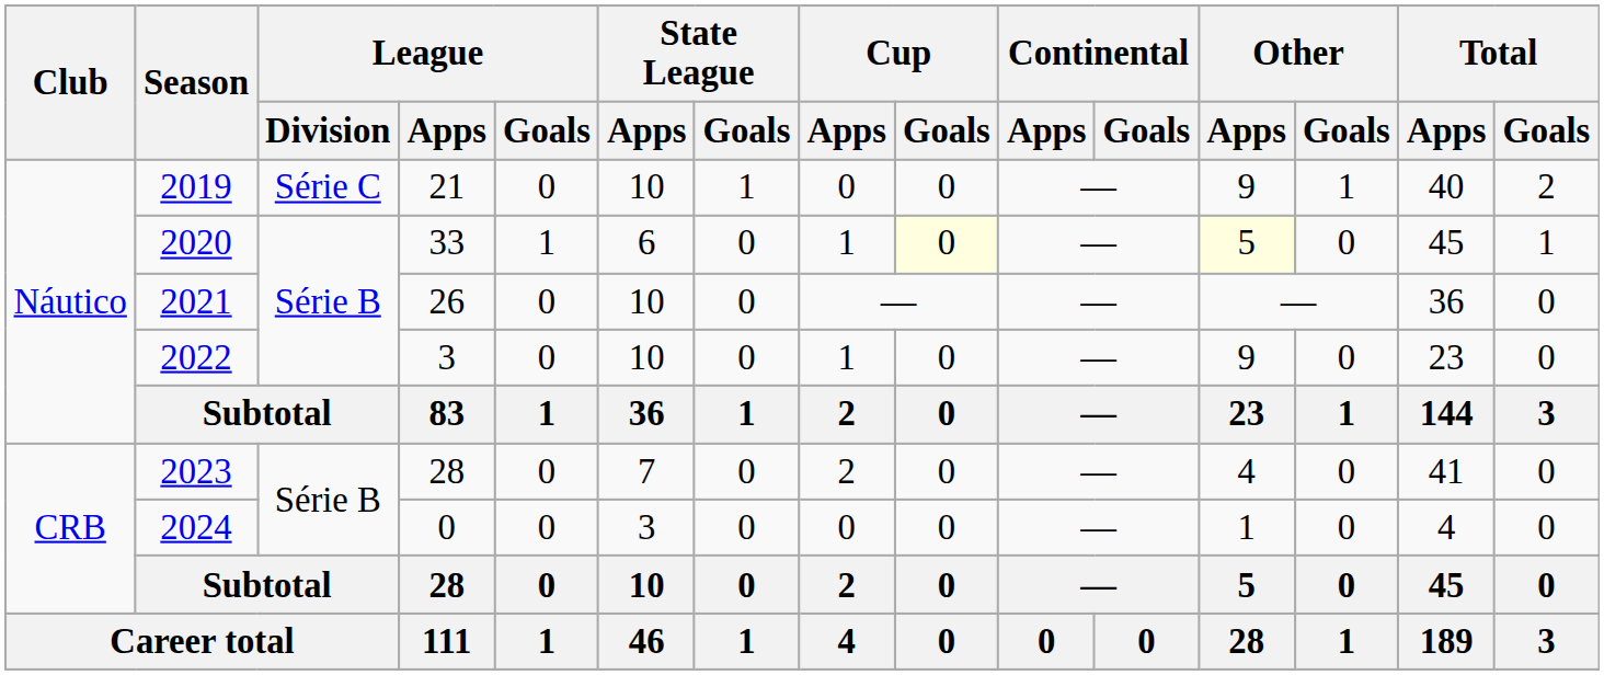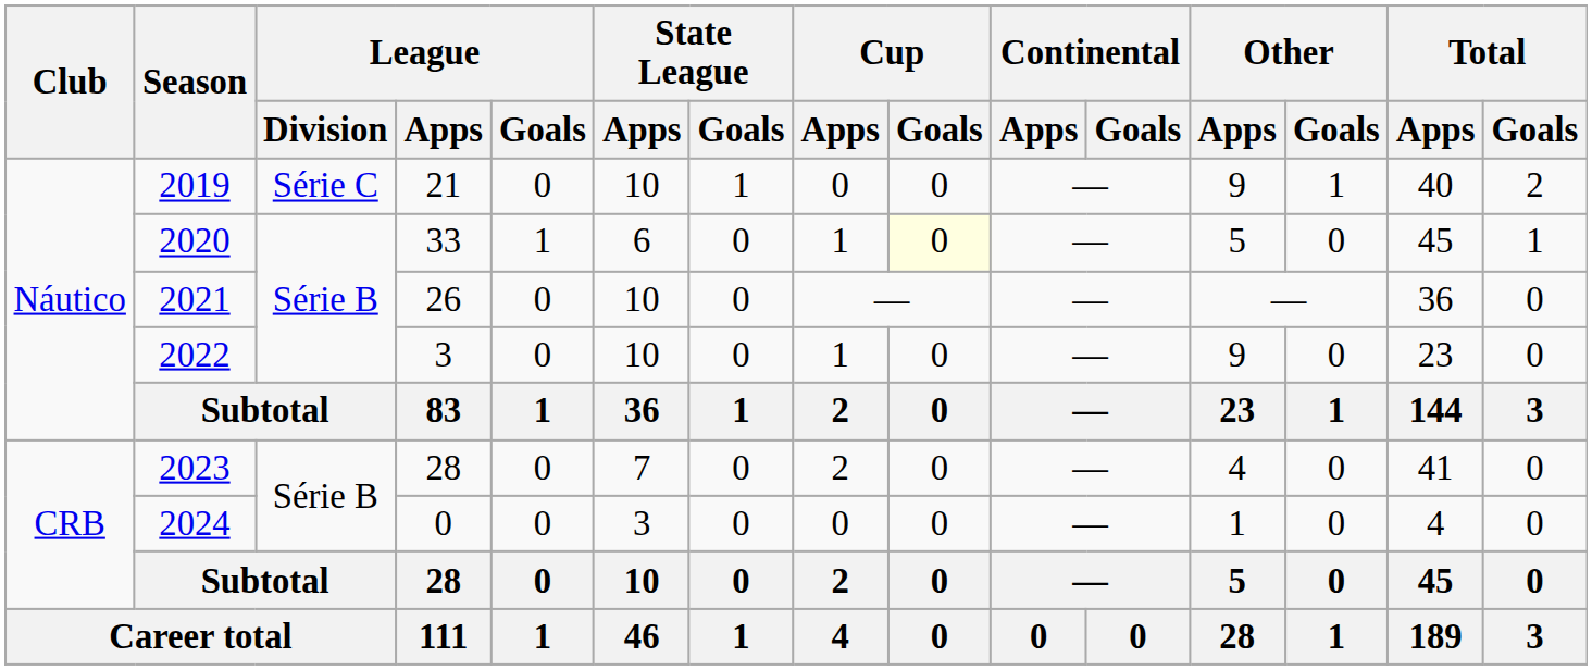 <table class="wikitable" style="text-align: center;">
 <tr>
 <th rowspan="2">Club</th>
 <th rowspan="2">Season</th>
 <th colspan="3">League</th>
 <th colspan="2">State League</th>
 <th colspan="2">Cup</th>
 <th colspan="2">Continental</th>
 <th colspan="2">Other</th>
 <th colspan="2">Total</th>
 </tr>
 <tr>
 <th>Division</th>
 <th>Apps</th>
 <th>Goals</th>
 <th>Apps</th>
 <th>Goals</th>
 <th>Apps</th>
 <th>Goals</th>
 <th>Apps</th>
 <th>Goals</th>
 <th>Apps</th>
 <th>Goals</th>
 <th>Apps</th>
 <th>Goals</th>
 </tr>
 <tr>
 <td rowspan="5" valign="center"><a href='#'>Náutico</a></td>
 <td><a href='#'>2019</a></td>
 <td><a href='#'>Série C</a></td>
 <td>21</td>
 <td>0</td>
 <td>10</td>
 <td>1</td>
 <td>0</td>
 <td>0</td>
 <td colspan="2">—</td>
 <td>9</td>
 <td>1</td>
 <td>40</td>
 <td>2</td>
 </tr>
 <tr>
 <td><a href='#'>2020</a></td>
 <td rowspan="3"><a href='#'>Série B</a></td>
 <td>33</td>
 <td>1</td>
 <td>6</td>
 <td>0</td>
 <td>1</td>
 <td style="background: lightyellow;">0</td>
 <td colspan="2">—</td>
-<td style="background: lightyellow;">5</td>
+<td>5</td>
 <td>0</td>
 <td>45</td>
 <td>1</td>
 </tr>
 <tr>
 <td><a href='#'>2021</a></td>
 <td>26</td>
 <td>0</td>
 <td>10</td>
 <td>0</td>
 <td colspan="2">—</td>
 <td colspan="2">—</td>
 <td colspan="2">—</td>
 <td>36</td>
 <td>0</td>
 </tr>
 <tr>
 <td><a href='#'>2022</a></td>
 <td>3</td>
 <td>0</td>
 <td>10</td>
 <td>0</td>
 <td>1</td>
 <td>0</td>
 <td colspan="2">—</td>
 <td>9</td>
 <td>0</td>
 <td>23</td>
 <td>0</td>
 </tr>
 <tr>
 <th colspan="2">Subtotal</th>
 <th>83</th>
 <th>1</th>
 <th>36</th>
 <th>1</th>
 <th>2</th>
 <th>0</th>
 <th colspan="2">—</th>
 <th>23</th>
 <th>1</th>
 <th>144</th>
 <th>3</th>
 </tr>
 <tr>
 <td rowspan="3" valign="center"><a href='#'>CRB</a></td>
 <td><a href='#'>2023</a></td>
 <td rowspan="2">Série B</td>
 <td>28</td>
 <td>0</td>
 <td>7</td>
 <td>0</td>
 <td>2</td>
 <td>0</td>
 <td colspan="2">—</td>
 <td>4</td>
 <td>0</td>
 <td>41</td>
 <td>0</td>
 </tr>
 <tr>
 <td><a href='#'>2024</a></td>
 <td>0</td>
 <td>0</td>
 <td>3</td>
 <td>0</td>
 <td>0</td>
 <td>0</td>
 <td colspan="2">—</td>
 <td>1</td>
 <td>0</td>
 <td>4</td>
 <td>0</td>
 </tr>
 <tr>
 <th colspan="2">Subtotal</th>
 <th>28</th>
 <th>0</th>
 <th>10</th>
 <th>0</th>
 <th>2</th>
 <th>0</th>
 <th colspan="2">—</th>
 <th>5</th>
 <th>0</th>
 <th>45</th>
 <th>0</th>
 </tr>
 <tr>
 <th colspan="3"><strong>Career total</strong></th>
 <th>111</th>
 <th>1</th>
 <th>46</th>
 <th>1</th>
 <th>4</th>
 <th>0</th>
 <th>0</th>
 <th>0</th>
 <th>28</th>
 <th>1</th>
 <th>189</th>
 <th>3</th>
 </tr>
 </table>
